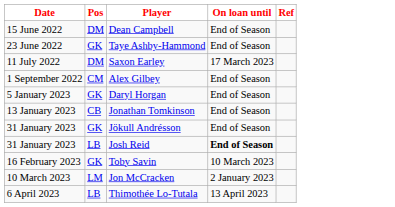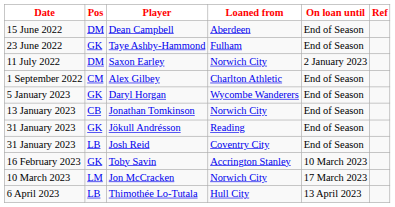 <table class="wikitable plainrowheaders sortable">
 <tr>
 <th style="background:#FFFFFF; color:#FF0000; ">Date</th>
 <th style="background:#FFFFFF; color:#FF0000; ">Pos</th>
 <th style="background:#FFFFFF; color:#FF0000; ">Player</th>
+<th style="background:#FFFFFF; color:#FF0000; ">Loaned from</th>
 <th style="background:#FFFFFF; color:#FF0000; ">On loan until</th>
 <th style="background:#FFFFFF; color:#FF0000; ">Ref</th>
 </tr>
 <tr>
 <td>15 June 2022</td>
 <td><a href='#'>DM</a></td>
 <td> <a href='#'>Dean Campbell</a></td>
+<td> <a href='#'>Aberdeen</a></td>
 <td>End of Season</td>
 <td></td>
 </tr>
 <tr>
 <td>23 June 2022</td>
 <td><a href='#'>GK</a></td>
 <td> <a href='#'>Taye Ashby-Hammond</a></td>
+<td> <a href='#'>Fulham</a></td>
 <td>End of Season</td>
 <td></td>
 </tr>
 <tr>
 <td>11 July 2022</td>
 <td><a href='#'>DM</a></td>
 <td> <a href='#'>Saxon Earley</a></td>
-<td>17 March 2023</td>
+<td> <a href='#'>Norwich City</a></td>
+<td>2 January 2023</td>
 <td></td>
 </tr>
 <tr>
 <td>1 September 2022</td>
 <td><a href='#'>CM</a></td>
 <td> <a href='#'>Alex Gilbey</a></td>
+<td> <a href='#'>Charlton Athletic</a></td>
 <td>End of Season</td>
 <td></td>
 </tr>
 <tr>
 <td>5 January 2023</td>
 <td><a href='#'>GK</a></td>
 <td> <a href='#'>Daryl Horgan</a></td>
+<td> <a href='#'>Wycombe Wanderers</a></td>
 <td>End of Season</td>
 <td></td>
 </tr>
 <tr>
 <td>13 January 2023</td>
 <td><a href='#'>CB</a></td>
 <td> <a href='#'>Jonathan Tomkinson</a></td>
+<td> <a href='#'>Norwich City</a></td>
 <td>End of Season</td>
 <td></td>
 </tr>
 <tr>
 <td>31 January 2023</td>
 <td><a href='#'>GK</a></td>
 <td> <a href='#'>Jökull Andrésson</a></td>
+<td> <a href='#'>Reading</a></td>
 <td>End of Season</td>
 <td></td>
 </tr>
 <tr>
 <td>31 January 2023</td>
 <td><a href='#'>LB</a></td>
 <td> <a href='#'>Josh Reid</a></td>
-<td><strong>End of Season</strong></td>
+<td> <a href='#'>Coventry City</a></td>
+<td>End of Season</td>
 <td></td>
 </tr>
 <tr>
 <td>16 February 2023</td>
 <td><a href='#'>GK</a></td>
 <td> <a href='#'>Toby Savin</a></td>
+<td> <a href='#'>Accrington Stanley</a></td>
 <td>10 March 2023</td>
 <td></td>
 </tr>
 <tr>
 <td>10 March 2023</td>
 <td><a href='#'>LM</a></td>
 <td> <a href='#'>Jon McCracken</a></td>
-<td>2 January 2023</td>
+<td> <a href='#'>Norwich City</a></td>
+<td>17 March 2023</td>
 <td></td>
 </tr>
 <tr>
 <td>6 April 2023</td>
 <td><a href='#'>LB</a></td>
 <td> <a href='#'>Thimothée Lo-Tutala</a></td>
+<td> <a href='#'>Hull City</a></td>
 <td>13 April 2023</td>
 <td></td>
 </tr>
 </table>
